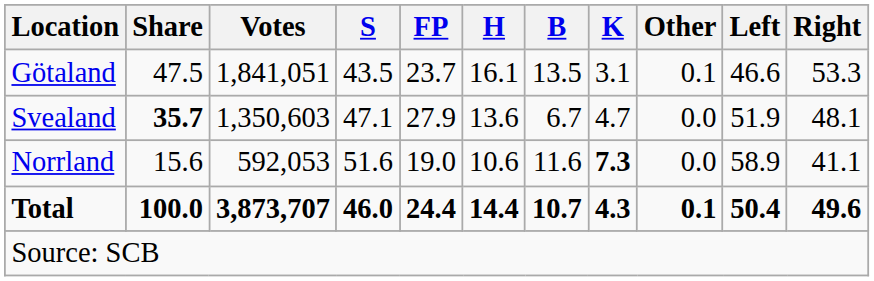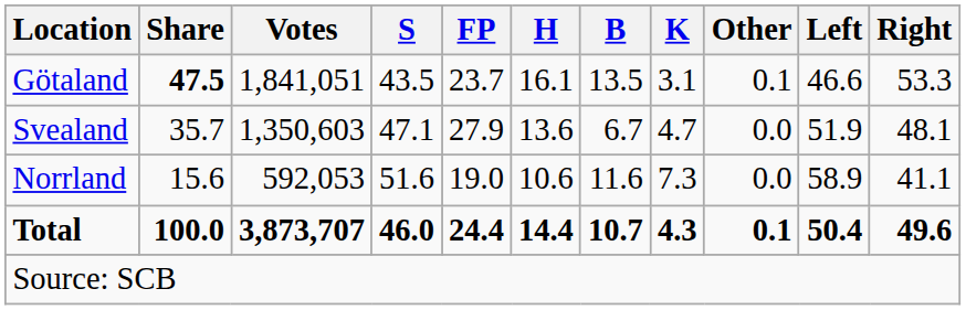 <table class="wikitable sortable" style=text-align:right>
 <tr>
 <th>Location</th>
 <th>Share</th>
 <th>Votes</th>
 <th><a href='#'>S</a></th>
 <th><a href='#'>FP</a></th>
 <th><a href='#'>H</a></th>
 <th><a href='#'>B</a></th>
 <th><a href='#'>K</a></th>
 <th>Other</th>
 <th>Left</th>
 <th>Right</th>
 </tr>
 <tr>
 <td align=left><a href='#'>Götaland</a></td>
-<td>47.5</td>
+<td><strong>47.5</strong></td>
 <td>1,841,051</td>
 <td>43.5</td>
 <td>23.7</td>
 <td>16.1</td>
 <td>13.5</td>
 <td>3.1</td>
 <td>0.1</td>
 <td>46.6</td>
 <td>53.3</td>
 </tr>
 <tr>
 <td align=left><a href='#'>Svealand</a></td>
-<td><strong>35.7</strong></td>
+<td>35.7</td>
 <td>1,350,603</td>
 <td>47.1</td>
 <td>27.9</td>
 <td>13.6</td>
 <td>6.7</td>
 <td>4.7</td>
 <td>0.0</td>
 <td>51.9</td>
 <td>48.1</td>
 </tr>
 <tr>
 <td align=left><a href='#'>Norrland</a></td>
 <td>15.6</td>
 <td>592,053</td>
 <td>51.6</td>
 <td>19.0</td>
 <td>10.6</td>
 <td>11.6</td>
-<td><strong>7.3</strong></td>
+<td>7.3</td>
 <td>0.0</td>
 <td>58.9</td>
 <td>41.1</td>
 </tr>
 <tr>
 <td align=left><strong>Total</strong></td>
 <td><strong>100.0</strong></td>
 <td><strong>3,873,707</strong></td>
 <td><strong>46.0</strong></td>
 <td><strong>24.4</strong></td>
 <td><strong>14.4</strong></td>
 <td><strong>10.7</strong></td>
 <td><strong>4.3</strong></td>
 <td><strong>0.1</strong></td>
 <td><strong>50.4</strong></td>
 <td><strong>49.6</strong></td>
 </tr>
 <tr>
 <td align=left colspan=11>Source: SCB </td>
 </tr>
 </table>
